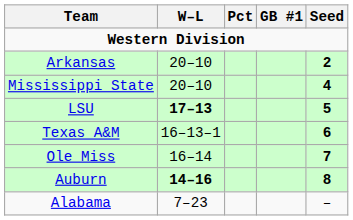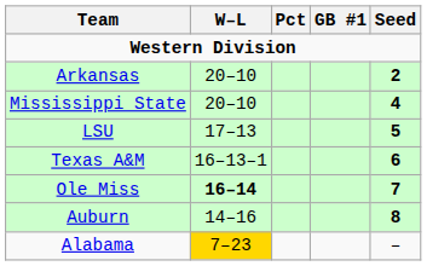 <table class="wikitable" style="float:left; margin-right:1em; text-align:center;">
 <tr>
 <th>Team</th>
 <th>W–L</th>
 <th>Pct</th>
 <th>GB #1</th>
 <th>Seed</th>
 </tr>
 <tr>
 <td colspan="7" align="center"><strong>Western Division</strong></td>
 </tr>
 <tr bgcolor=ccffcc>
 <td><a href='#'>Arkansas</a></td>
 <td>20–10</td>
 <td></td>
 <td></td>
 <td><strong>2</strong></td>
 </tr>
 <tr bgcolor=ccffcc>
 <td><a href='#'>Mississippi State</a></td>
 <td>20–10</td>
 <td></td>
 <td></td>
 <td><strong>4</strong></td>
 </tr>
 <tr bgcolor=ccffcc>
 <td><a href='#'>LSU</a></td>
-<td><strong>17–13</strong></td>
+<td>17–13</td>
 <td></td>
 <td></td>
 <td><strong>5</strong></td>
 </tr>
 <tr bgcolor=ccffcc>
 <td><a href='#'>Texas A&M</a></td>
 <td>16–13–1</td>
 <td></td>
 <td></td>
 <td><strong>6</strong></td>
 </tr>
 <tr bgcolor=ccffcc>
 <td><a href='#'>Ole Miss</a></td>
-<td>16–14</td>
+<td><strong>16–14</strong></td>
 <td></td>
 <td></td>
 <td><strong>7</strong></td>
 </tr>
 <tr bgcolor=ccffcc>
 <td><a href='#'>Auburn</a></td>
-<td><strong>14–16</strong></td>
+<td>14–16</td>
 <td></td>
 <td></td>
 <td><strong>8</strong></td>
 </tr>
 <tr>
 <td><a href='#'>Alabama</a></td>
-<td>7–23</td>
+<td style="background: gold;">7–23</td>
 <td></td>
 <td></td>
 <td>–</td>
 </tr>
 </table>
